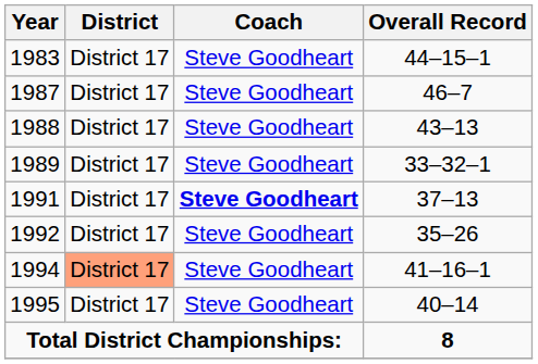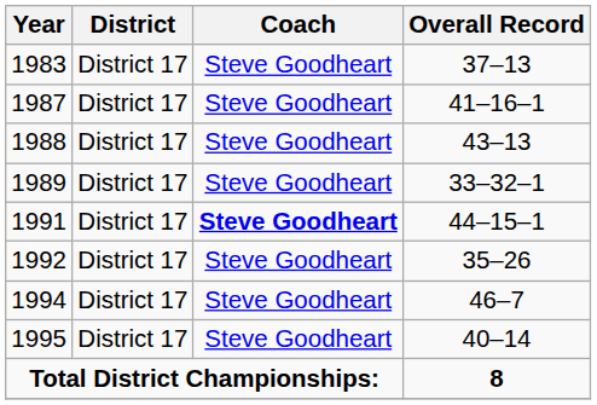 <table class="wikitable" style="text-align:center">
 <tr>
 <th>Year</th>
 <th>District</th>
 <th>Coach</th>
 <th>Overall Record</th>
 </tr>
 <tr align="center">
 <td>1983</td>
 <td>District 17</td>
 <td><a href='#'>Steve Goodheart</a></td>
-<td>44–15–1</td>
+<td>37–13</td>
 </tr>
 <tr align="center">
 <td>1987</td>
 <td>District 17</td>
 <td><a href='#'>Steve Goodheart</a></td>
-<td>46–7</td>
+<td>41–16–1</td>
 </tr>
 <tr align="center">
 <td>1988</td>
 <td>District 17</td>
 <td><a href='#'>Steve Goodheart</a></td>
 <td>43–13</td>
 </tr>
 <tr align="center">
 <td>1989</td>
 <td>District 17</td>
 <td><a href='#'>Steve Goodheart</a></td>
 <td>33–32–1</td>
 </tr>
 <tr align="center">
 <td>1991</td>
 <td>District 17</td>
 <td><strong><a href='#'>Steve Goodheart</a></strong></td>
-<td>37–13</td>
+<td>44–15–1</td>
 </tr>
 <tr align="center">
 <td>1992</td>
 <td>District 17</td>
 <td><a href='#'>Steve Goodheart</a></td>
 <td>35–26</td>
 </tr>
 <tr align="center">
 <td>1994</td>
-<td style="background: lightsalmon;">District 17</td>
+<td>District 17</td>
 <td><a href='#'>Steve Goodheart</a></td>
-<td>41–16–1</td>
+<td>46–7</td>
 </tr>
 <tr align="center">
 <td>1995</td>
 <td>District 17</td>
 <td><a href='#'>Steve Goodheart</a></td>
 <td>40–14</td>
 </tr>
 <tr align="center">
 <td colspan=3><strong>Total District Championships:</strong></td>
 <td colspan=2><strong>8</strong></td>
 </tr>
 <tr>
 </tr>
 </table>
